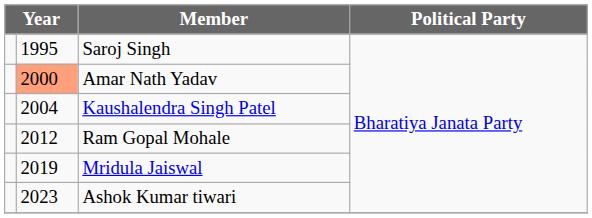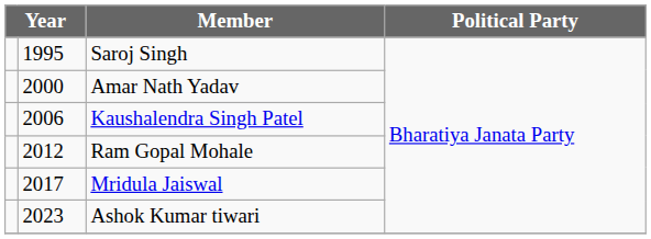 <table class="wikitable" width=80%>
 <tr>
 <th style="background-color:#666666; color:white" colspan="2">Year</th>
 <th style="background-color:#666666; color:white">Member</th>
 <th style="background-color:#666666; color:white">Political Party</th>
 </tr>
 <tr>
 <td style="background-color: "></td>
 <td>1995</td>
 <td>Saroj Singh</td>
 <td rowspan=6><a href='#'>Bharatiya Janata Party</a></td>
 </tr>
 <tr>
 <td style="background-color: "></td>
-<td style="background: lightsalmon;">2000</td>
+<td>2000</td>
 <td>Amar Nath Yadav</td>
 </tr>
 <tr>
 <td style="background-color: "></td>
-<td>2004</td>
+<td>2006</td>
 <td><a href='#'>Kaushalendra Singh Patel</a></td>
 </tr>
 <tr>
 <td style="background-color: "></td>
 <td>2012</td>
 <td>Ram Gopal Mohale</td>
 </tr>
 <tr>
 <td style="background-color: "></td>
-<td>2019</td>
+<td>2017</td>
 <td><a href='#'>Mridula Jaiswal</a></td>
 </tr>
 <tr>
 <td style="background-color: "></td>
 <td>2023</td>
 <td>Ashok Kumar tiwari</td>
 </tr>
 <tr>
 </tr>
 </table>
